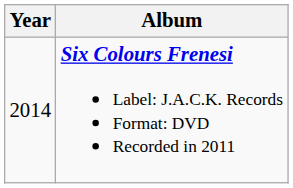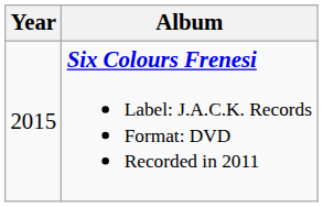 <table class="wikitable">
 <tr>
 <th>Year</th>
 <th>Album</th>
 </tr>
 <tr>
-<td>2014</td>
+<td>2015</td>
 <td><strong><em><a href='#'>Six Colours Frenesi</a></em></strong><br><ul><li><small>Label: J.A.C.K. Records</small></li><li><small>Format: DVD</small></li><li><small>Recorded in 2011</small></li></ul></td>
 </tr>
 </table>
